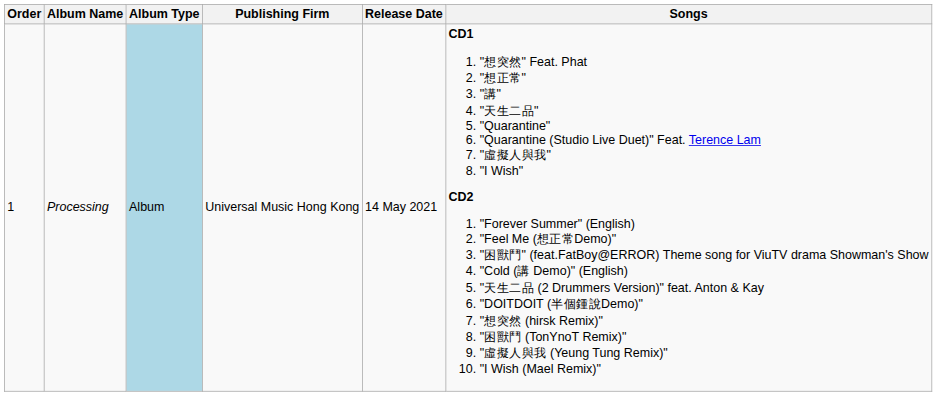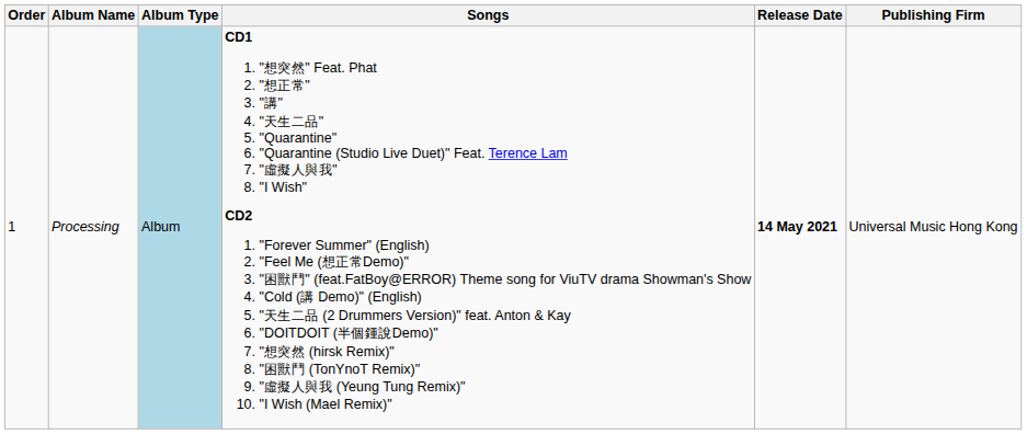 <table class="wikitable">
 <tr>
 <th>Order</th>
 <th>Album Name</th>
 <th>Album Type</th>
+<th>Songs</th>
+<th>Release Date</th>
 <th>Publishing Firm</th>
-<th>Release Date</th>
-<th>Songs</th>
 </tr>
 <tr>
 <td>1</td>
 <td><em>Processing</em></td>
 <td style="background: lightblue;">Album</td>
+<td><strong>CD1</strong><br><ol><li>"想突然" Feat. Phat</li><li>"想正常"</li><li>"講"</li><li>"天生二品"</li><li>"Quarantine"</li><li>"Quarantine (Studio Live Duet)" Feat. <a href='#'>Terence Lam</a></li><li>"虛擬人與我"</li><li>"I Wish"</li></ol><strong>CD2</strong><ol><li>"Forever Summer" (English)</li><li>"Feel Me (想正常Demo)"</li><li>"困獸鬥" (feat.FatBoy@ERROR) Theme song for ViuTV drama Showman's Show</li><li>"Cold (講 Demo)" (English)</li><li>"天生二品 (2 Drummers Version)" feat. Anton & Kay</li><li>"DOITDOIT (半個鍾說Demo)"</li><li>"想突然 (hirsk Remix)"</li><li>"困獸鬥 (TonYnoT Remix)"</li><li>"虛擬人與我 (Yeung Tung Remix)"</li><li>"I Wish (Mael Remix)"</li></ol></td>
+<td><strong>14 May 2021</strong></td>
 <td>Universal Music Hong Kong</td>
-<td>14 May 2021</td>
-<td><strong>CD1</strong><br><ol><li>"想突然" Feat. Phat</li><li>"想正常"</li><li>"講"</li><li>"天生二品"</li><li>"Quarantine"</li><li>"Quarantine (Studio Live Duet)" Feat. <a href='#'>Terence Lam</a></li><li>"虛擬人與我"</li><li>"I Wish"</li></ol><strong>CD2</strong><ol><li>"Forever Summer" (English)</li><li>"Feel Me (想正常Demo)"</li><li>"困獸鬥" (feat.FatBoy@ERROR) Theme song for ViuTV drama Showman's Show</li><li>"Cold (講 Demo)" (English)</li><li>"天生二品 (2 Drummers Version)" feat. Anton & Kay</li><li>"DOITDOIT (半個鍾說Demo)"</li><li>"想突然 (hirsk Remix)"</li><li>"困獸鬥 (TonYnoT Remix)"</li><li>"虛擬人與我 (Yeung Tung Remix)"</li><li>"I Wish (Mael Remix)"</li></ol></td>
 </tr>
 </table>
